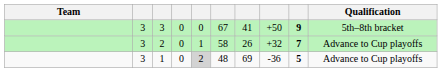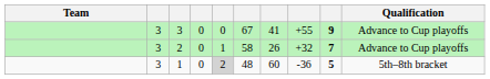 <table class="wikitable" style="text-align:center;">
 <tr>
 <th style="width:12.5em">Team</th>
 <th style="width:1.5em;"></th>
 <th style="width:1.5em;"></th>
 <th style="width:1.5em;"></th>
 <th style="width:1.5em;"></th>
 <th style="width:2.0em;"></th>
 <th style="width:2.0em;"></th>
 <th style="width:2.5em;"></th>
 <th style="width:1.5em;"></th>
 <th style="width:12.5em">Qualification</th>
 </tr>
 <tr bgcolor=#bbf3bb>
 <td align=left></td>
 <td>3</td>
 <td>3</td>
 <td>0</td>
 <td>0</td>
 <td>67</td>
 <td>41</td>
-<td>+50</td>
+<td>+55</td>
 <td><strong>9</strong></td>
-<td>5th–8th bracket</td>
+<td>Advance to Cup playoffs</td>
 </tr>
 <tr bgcolor=#bbf3bb>
 <td align=left></td>
 <td>3</td>
 <td>2</td>
 <td>0</td>
 <td>1</td>
 <td>58</td>
 <td>26</td>
 <td>+32</td>
 <td><strong>7</strong></td>
 <td>Advance to Cup playoffs</td>
 </tr>
 <tr>
 <td align=left></td>
 <td>3</td>
 <td>1</td>
 <td>0</td>
 <td style="background: lightgrey;">2</td>
 <td>48</td>
-<td>69</td>
+<td>60</td>
 <td>-36</td>
 <td><strong>5</strong></td>
-<td>Advance to Cup playoffs</td>
+<td>5th–8th bracket</td>
 </tr>
 </table>
